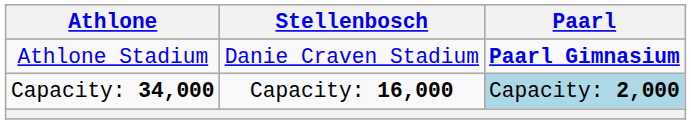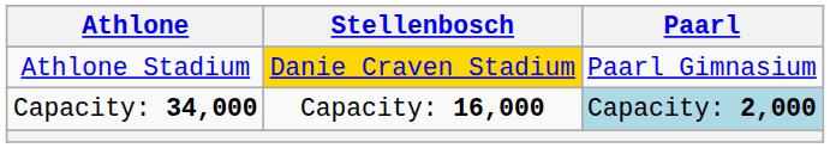 <table class="wikitable" style="text-align:center; margin:1em auto;">
 <tr>
 <th><a href='#'>Athlone</a></th>
 <th><a href='#'>Stellenbosch</a></th>
 <th><a href='#'>Paarl</a></th>
 </tr>
 <tr>
 <td><a href='#'>Athlone Stadium</a></td>
-<td><a href='#'>Danie Craven Stadium</a></td>
-<td><strong><a href='#'>Paarl Gimnasium</a></strong></td>
+<td style="background: gold;"><a href='#'>Danie Craven Stadium</a></td>
+<td><a href='#'>Paarl Gimnasium</a></td>
 </tr>
 <tr>
 <td>Capacity: <strong>34,000</strong></td>
 <td>Capacity: <strong>16,000</strong></td>
 <td style="background: lightblue;">Capacity: <strong>2,000</strong></td>
 </tr>
 <tr>
 <th colspan=4 rowspan=5 text-align="center"></th>
 </tr>
 </table>
